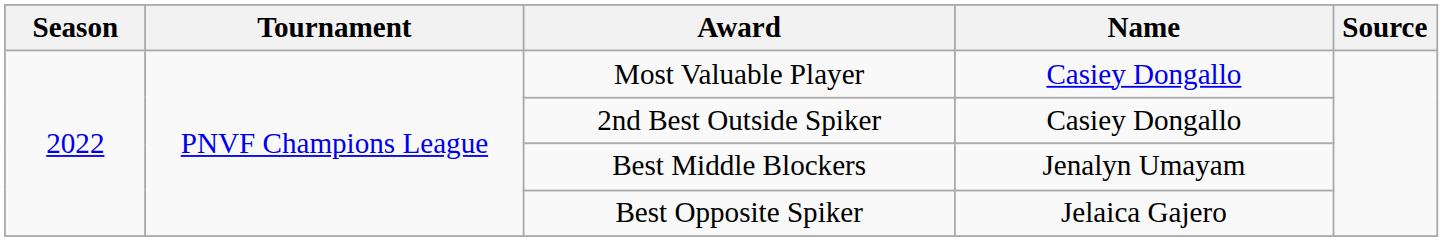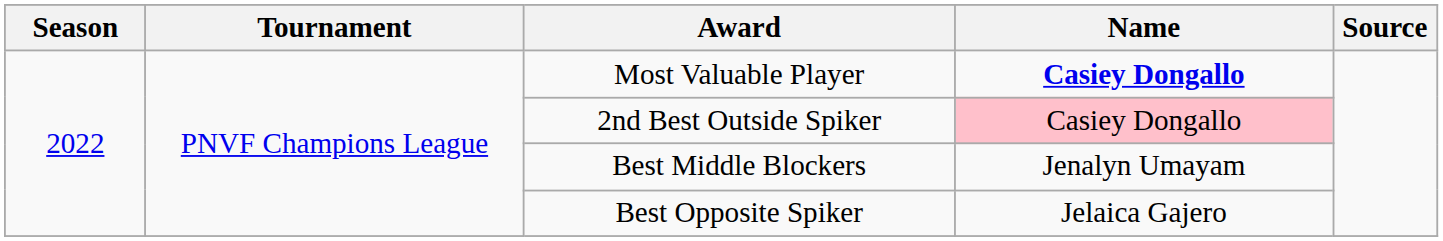 <table class="wikitable" style="text-align:center;">
 <tr>
 <th width=70px><strong>Season</strong></th>
 <th width=200px><strong>Tournament</strong></th>
 <th width=230px><strong>Award</strong></th>
 <th width=200px><strong>Name</strong></th>
 <th width=50px>Source</th>
 </tr>
 <tr>
 <td rowspan=4><a href='#'>2022</a></td>
 <td rowspan=4><a href='#'>PNVF Champions League</a></td>
 <td>Most Valuable Player</td>
-<td><a href='#'>Casiey Dongallo</a></td>
+<td><strong><a href='#'>Casiey Dongallo</a></strong></td>
 <td rowspan=4></td>
 </tr>
 <tr>
 <td>2nd Best Outside Spiker</td>
-<td>Casiey Dongallo</td>
+<td style="background: pink;">Casiey Dongallo</td>
 </tr>
 <tr>
 <td>Best Middle Blockers</td>
 <td>Jenalyn Umayam</td>
 </tr>
 <tr>
 <td>Best Opposite Spiker</td>
 <td>Jelaica Gajero</td>
 </tr>
 </table>
